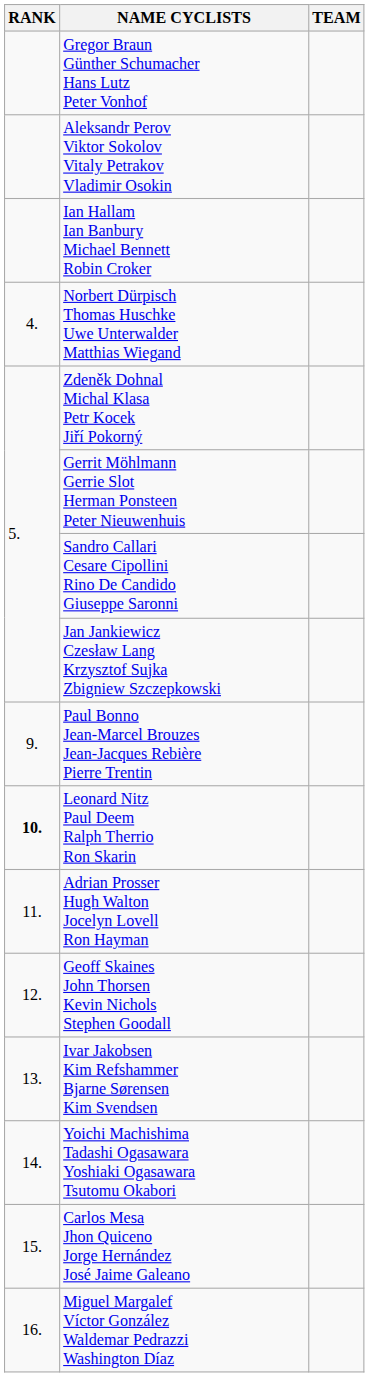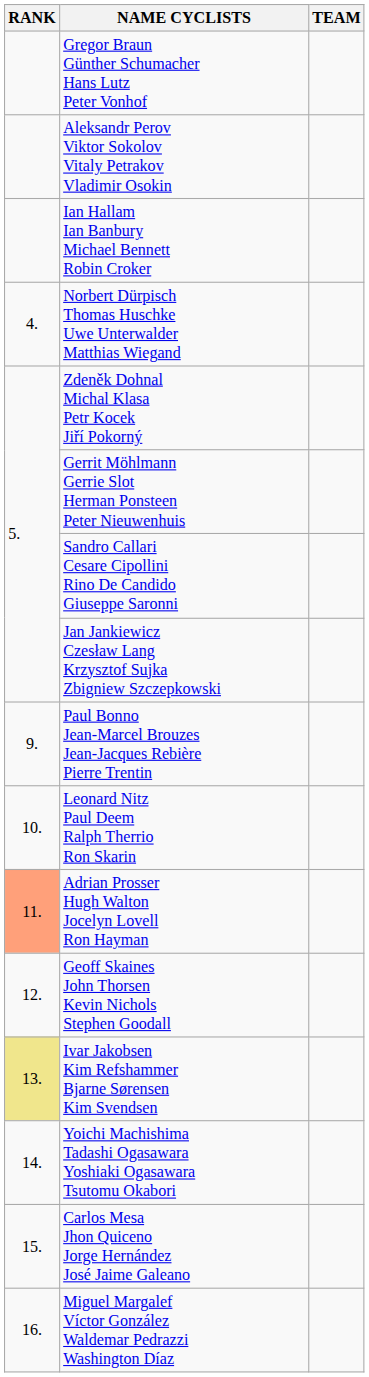 <table class="wikitable" style="font-size:95%;">
 <tr>
 <th>RANK</th>
 <th align="left" style="width: 15em">NAME CYCLISTS</th>
 <th>TEAM</th>
 </tr>
 <tr>
 <td align="center"></td>
 <td><a href='#'>Gregor Braun</a><br><a href='#'>Günther Schumacher</a><br><a href='#'>Hans Lutz</a><br><a href='#'>Peter Vonhof</a></td>
 <td align="center"></td>
 </tr>
 <tr>
 <td align="center"></td>
 <td><a href='#'>Aleksandr Perov</a><br><a href='#'>Viktor Sokolov</a><br><a href='#'>Vitaly Petrakov</a><br><a href='#'>Vladimir Osokin</a></td>
 <td align="center"></td>
 </tr>
 <tr>
 <td align="center"></td>
 <td><a href='#'>Ian Hallam</a><br><a href='#'>Ian Banbury</a><br><a href='#'>Michael Bennett</a><br><a href='#'>Robin Croker</a></td>
 <td align="center"></td>
 </tr>
 <tr>
 <td align="center">4.</td>
 <td><a href='#'>Norbert Dürpisch</a><br><a href='#'>Thomas Huschke</a><br><a href='#'>Uwe Unterwalder</a><br><a href='#'>Matthias Wiegand</a></td>
 <td align="center"></td>
 </tr>
 <tr>
 <td rowspan=4>5.</td>
 <td><a href='#'>Zdeněk Dohnal</a><br><a href='#'>Michal Klasa</a><br><a href='#'>Petr Kocek</a><br><a href='#'>Jiří Pokorný</a></td>
 <td align="center"></td>
 </tr>
 <tr>
 <td><a href='#'>Gerrit Möhlmann</a><br><a href='#'>Gerrie Slot</a><br><a href='#'>Herman Ponsteen</a><br><a href='#'>Peter Nieuwenhuis</a></td>
 <td align="center"></td>
 </tr>
 <tr>
 <td><a href='#'>Sandro Callari</a><br><a href='#'>Cesare Cipollini</a><br><a href='#'>Rino De Candido</a><br><a href='#'>Giuseppe Saronni</a></td>
 <td align="center"></td>
 </tr>
 <tr>
 <td><a href='#'>Jan Jankiewicz</a><br><a href='#'>Czesław Lang</a><br><a href='#'>Krzysztof Sujka</a><br><a href='#'>Zbigniew Szczepkowski</a></td>
 <td align="center"></td>
 </tr>
 <tr>
 <td align="center">9.</td>
 <td><a href='#'>Paul Bonno</a><br><a href='#'>Jean-Marcel Brouzes</a><br><a href='#'>Jean-Jacques Rebière</a><br><a href='#'>Pierre Trentin</a></td>
 <td align="center"></td>
 </tr>
 <tr>
-<td align="center"><strong>10.</strong></td>
+<td align="center">10.</td>
 <td><a href='#'>Leonard Nitz</a><br><a href='#'>Paul Deem</a><br><a href='#'>Ralph Therrio</a><br><a href='#'>Ron Skarin</a></td>
 <td align="center"></td>
 </tr>
 <tr>
-<td align="center">11.</td>
+<td align="center" style="background: lightsalmon;">11.</td>
 <td><a href='#'>Adrian Prosser</a><br><a href='#'>Hugh Walton</a><br><a href='#'>Jocelyn Lovell</a><br><a href='#'>Ron Hayman</a></td>
 <td align="center"></td>
 </tr>
 <tr>
 <td align="center">12.</td>
 <td><a href='#'>Geoff Skaines</a><br><a href='#'>John Thorsen</a><br><a href='#'>Kevin Nichols</a><br><a href='#'>Stephen Goodall</a></td>
 <td align="center"></td>
 </tr>
 <tr>
-<td align="center">13.</td>
+<td align="center" style="background: khaki;">13.</td>
 <td><a href='#'>Ivar Jakobsen</a><br><a href='#'>Kim Refshammer</a><br><a href='#'>Bjarne Sørensen</a><br><a href='#'>Kim Svendsen</a></td>
 <td align="center"></td>
 </tr>
 <tr>
 <td align="center">14.</td>
 <td><a href='#'>Yoichi Machishima</a><br><a href='#'>Tadashi Ogasawara</a><br><a href='#'>Yoshiaki Ogasawara</a><br><a href='#'>Tsutomu Okabori</a></td>
 <td align="center"></td>
 </tr>
 <tr>
 <td align="center">15.</td>
 <td><a href='#'>Carlos Mesa</a><br><a href='#'>Jhon Quiceno</a><br><a href='#'>Jorge Hernández</a><br><a href='#'>José Jaime Galeano</a></td>
 <td align="center"></td>
 </tr>
 <tr>
 <td align="center">16.</td>
 <td><a href='#'>Miguel Margalef</a><br><a href='#'>Víctor González</a><br><a href='#'>Waldemar Pedrazzi</a><br><a href='#'>Washington Díaz</a></td>
 <td align="center"></td>
 </tr>
 </table>
